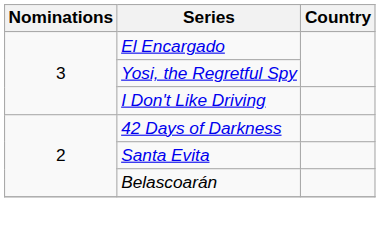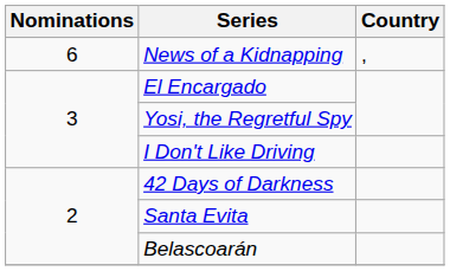 <table class="wikitable">
 <tr>
 <th>Nominations</th>
 <th>Series</th>
 <th>Country</th>
+</tr>
+<tr>
+<td style="text-align:center">6</td>
+<td><em><a href='#'>News of a Kidnapping</a></em></td>
+<td>, </td>
 </tr>
 <tr>
 <td rowspan="3" style="text-align:center">3</td>
 <td><em><a href='#'>El Encargado</a></em></td>
 <td rowspan="2"></td>
 </tr>
 <tr>
 <td><em><a href='#'>Yosi, the Regretful Spy</a></em></td>
 </tr>
 <tr>
 <td><em><a href='#'>I Don't Like Driving</a></em></td>
 <td></td>
 </tr>
 <tr>
 <td rowspan="3" style="text-align:center">2</td>
 <td><em><a href='#'>42 Days of Darkness</a></em></td>
 <td></td>
 </tr>
 <tr>
 <td><em><a href='#'>Santa Evita</a></em></td>
 <td></td>
 </tr>
 <tr>
 <td><em>Belascoarán</em></td>
 <td></td>
 </tr>
 <tr>
 </tr>
 </table>
